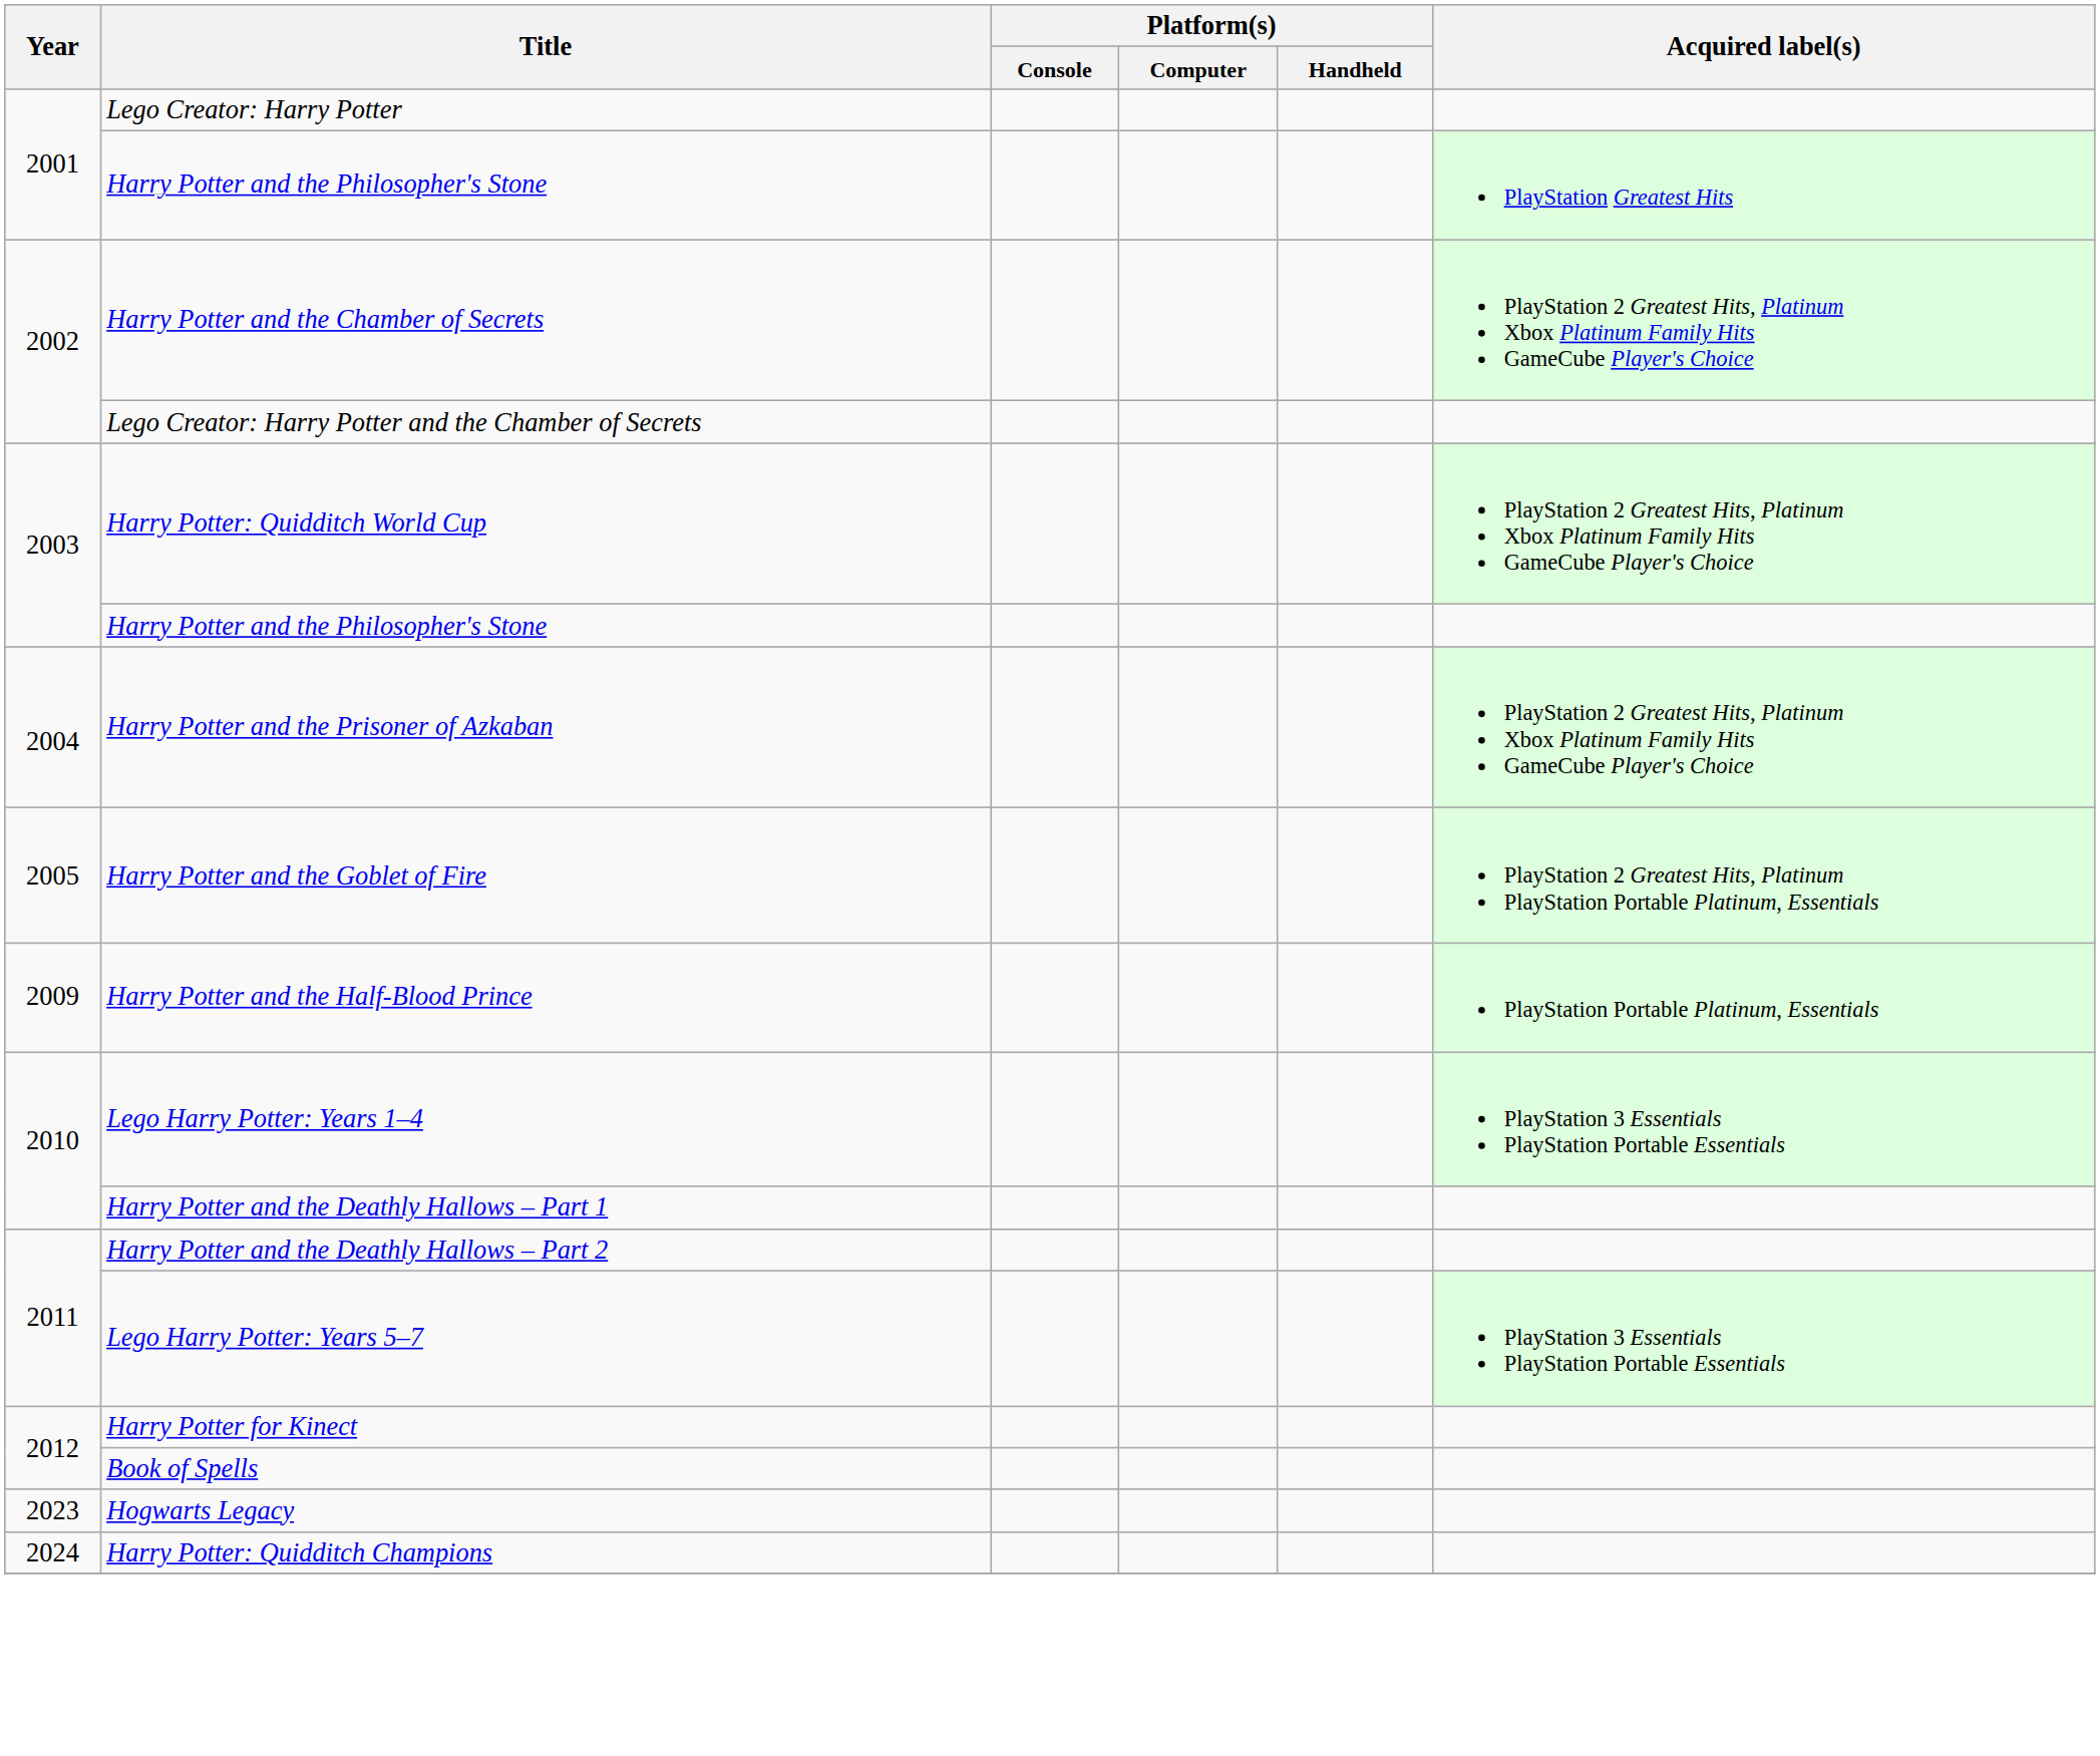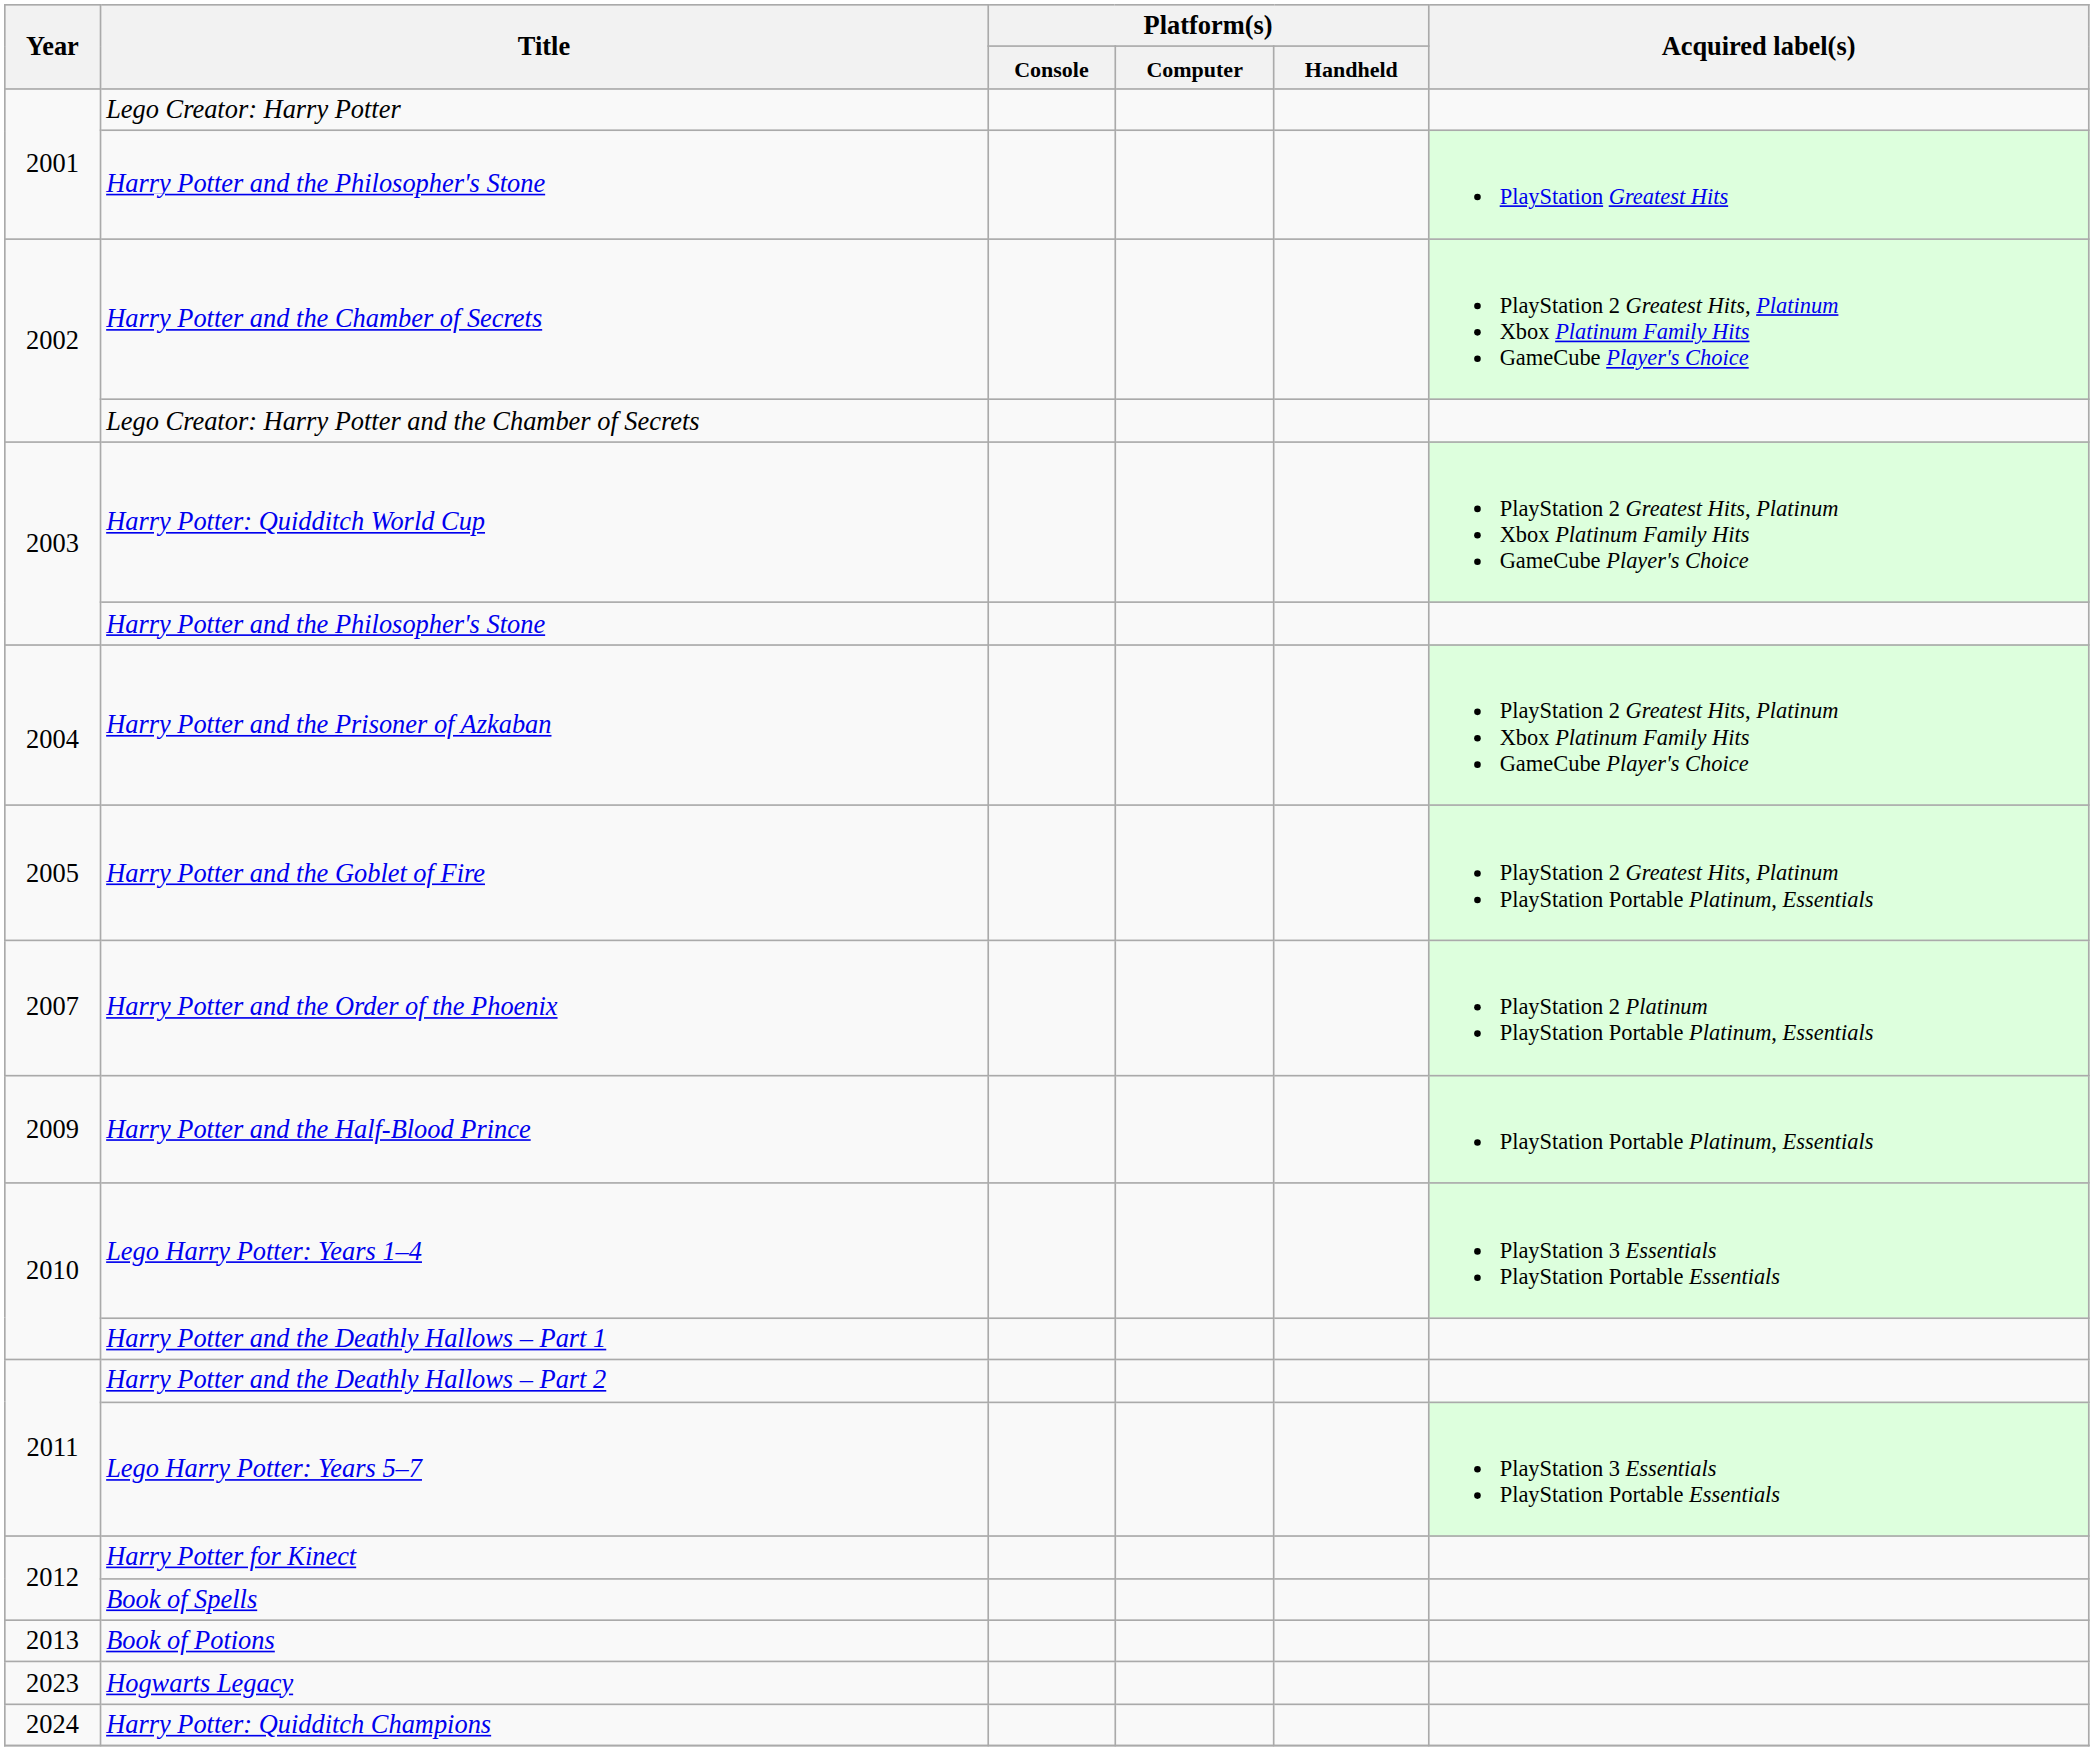 <table class="wikitable" style="width:100%;">
 <tr>
 <th rowspan="2">Year</th>
 <th rowspan="2">Title</th>
 <th colspan="3">Platform(s)</th>
 <th rowspan="2">Acquired label(s)</th>
 </tr>
 <tr style="text-align:center;">
 <th><small>Console</small></th>
 <th><small>Computer</small></th>
 <th><small>Handheld</small></th>
 </tr>
 <tr>
 <td rowspan="2" style="text-align:center;">2001</td>
 <td><em>Lego Creator: Harry Potter</em></td>
 <td></td>
 <td></td>
 <td></td>
 <td></td>
 </tr>
 <tr>
 <td><em><a href='#'>Harry Potter and the Philosopher's Stone</a></em></td>
 <td></td>
 <td></td>
 <td></td>
 <td style="background:#dfd; font-size:85%;"><br><ul><li><a href='#'>PlayStation</a> <em><a href='#'>Greatest Hits</a></em></li></ul></td>
 </tr>
 <tr>
 <td rowspan="2" style="text-align:center;">2002</td>
 <td><em><a href='#'>Harry Potter and the Chamber of Secrets</a></em></td>
 <td></td>
 <td></td>
 <td></td>
 <td style="background:#dfd; font-size:85%;"><br><ul><li>PlayStation 2 <em>Greatest Hits</em>, <em><a href='#'>Platinum</a></em></li><li>Xbox <em><a href='#'>Platinum Family Hits</a></em></li><li>GameCube <em><a href='#'>Player's Choice</a></em></li></ul></td>
 </tr>
 <tr>
 <td><em>Lego Creator: Harry Potter and the Chamber of Secrets</em></td>
 <td></td>
 <td></td>
 <td></td>
 <td></td>
 </tr>
 <tr>
 <td rowspan="2" style="text-align:center;">2003</td>
 <td><em><a href='#'>Harry Potter: Quidditch World Cup</a></em></td>
 <td></td>
 <td></td>
 <td></td>
 <td style="background:#dfd; font-size:85%;"><br><ul><li>PlayStation 2 <em>Greatest Hits</em>, <em>Platinum</em></li><li>Xbox <em>Platinum Family Hits</em></li><li>GameCube <em>Player's Choice</em></li></ul></td>
 </tr>
 <tr>
 <td><em><a href='#'>Harry Potter and the Philosopher's Stone</a></em></td>
 <td></td>
 <td></td>
 <td></td>
 <td></td>
 </tr>
 <tr>
 <td style="text-align:center;"><br>2004</td>
 <td><em><a href='#'>Harry Potter and the Prisoner of Azkaban</a></em></td>
 <td></td>
 <td></td>
 <td></td>
 <td style="background:#dfd; font-size:85%;"><br><ul><li>PlayStation 2 <em>Greatest Hits</em>, <em>Platinum</em></li><li>Xbox <em>Platinum Family Hits</em></li><li>GameCube <em>Player's Choice</em></li></ul></td>
 </tr>
 <tr>
 <td style="text-align:center;">2005</td>
 <td><em><a href='#'>Harry Potter and the Goblet of Fire</a></em></td>
 <td></td>
 <td></td>
 <td></td>
 <td style="background:#dfd; font-size:85%;"><br><ul><li>PlayStation 2 <em>Greatest Hits</em>, <em>Platinum</em></li><li>PlayStation Portable <em>Platinum</em>, <em>Essentials</em></li></ul></td>
 </tr>
 <tr>
+<td style="text-align:center;">2007</td>
+<td><em><a href='#'>Harry Potter and the Order of the Phoenix</a></em></td>
+<td></td>
+<td></td>
+<td></td>
+<td style="background:#dfd; font-size:85%;"><br><ul><li>PlayStation 2 <em>Platinum</em></li><li>PlayStation Portable <em>Platinum</em>, <em>Essentials</em></li></ul></td>
+</tr>
+<tr>
 <td style="text-align:center;">2009</td>
 <td><em><a href='#'>Harry Potter and the Half-Blood Prince</a></em></td>
 <td></td>
 <td></td>
 <td></td>
 <td style="background:#dfd; font-size:85%;"><br><ul><li>PlayStation Portable <em>Platinum</em>, <em>Essentials</em></li></ul></td>
 </tr>
 <tr>
 <td rowspan="2" style="text-align:center;">2010</td>
 <td><em><a href='#'>Lego Harry Potter: Years 1–4</a></em></td>
 <td></td>
 <td></td>
 <td></td>
 <td style="background:#dfd; font-size:85%;"><br><ul><li>PlayStation 3 <em>Essentials</em></li><li>PlayStation Portable <em>Essentials</em></li></ul></td>
 </tr>
 <tr>
 <td><em><a href='#'>Harry Potter and the Deathly Hallows – Part 1</a></em></td>
 <td></td>
 <td></td>
 <td></td>
 <td></td>
 </tr>
 <tr>
 <td rowspan="2" style="text-align:center;">2011</td>
 <td><em><a href='#'>Harry Potter and the Deathly Hallows – Part 2</a></em></td>
 <td></td>
 <td></td>
 <td></td>
 <td></td>
 </tr>
 <tr>
 <td><em><a href='#'>Lego Harry Potter: Years 5–7</a></em></td>
 <td></td>
 <td></td>
 <td></td>
 <td style="background:#dfd; font-size:85%;"><br><ul><li>PlayStation 3 <em>Essentials</em></li><li>PlayStation Portable <em>Essentials</em></li></ul></td>
 </tr>
 <tr>
 <td rowspan="2" style="text-align:center;">2012</td>
 <td><em><a href='#'>Harry Potter for Kinect</a></em></td>
 <td></td>
 <td></td>
 <td></td>
 <td></td>
 </tr>
 <tr>
 <td><em><a href='#'>Book of Spells</a></em></td>
 <td></td>
 <td></td>
 <td></td>
 <td></td>
 </tr>
 <tr>
+<td style="text-align:center;">2013</td>
+<td><em><a href='#'>Book of Potions</a></em></td>
+<td></td>
+<td></td>
+<td></td>
+<td></td>
+</tr>
+<tr>
 <td style="text-align:center;">2023</td>
 <td><em><a href='#'>Hogwarts Legacy</a></em></td>
 <td></td>
 <td></td>
 <td></td>
 <td></td>
 </tr>
 <tr>
 <td style="text-align:center;">2024</td>
 <td><em><a href='#'>Harry Potter: Quidditch Champions</a></em></td>
 <td></td>
 <td></td>
 <td></td>
 <td></td>
 </tr>
 <tr>
 </tr>
 </table>
